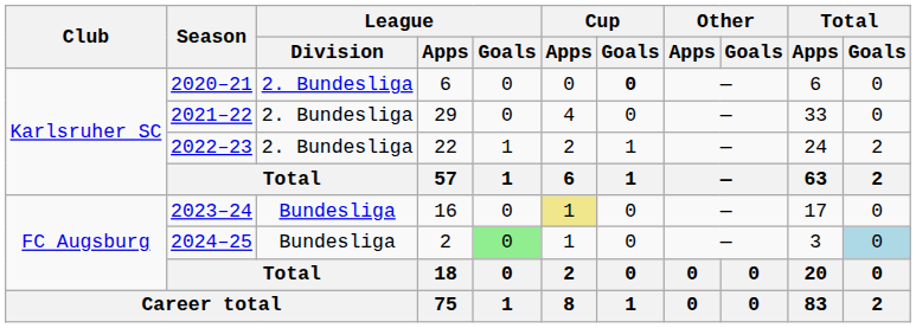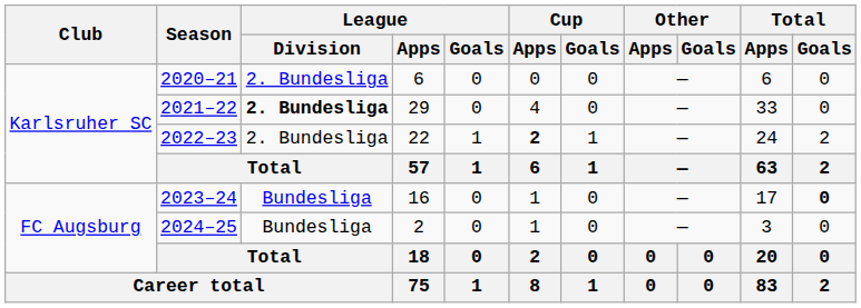 <table class="wikitable" style="text-align:center">
 <tr>
 <th rowspan="2">Club</th>
 <th rowspan="2">Season</th>
 <th colspan="3">League</th>
 <th colspan="2">Cup</th>
 <th colspan="2">Other</th>
 <th colspan="2">Total</th>
 </tr>
 <tr>
 <th>Division</th>
 <th>Apps</th>
 <th>Goals</th>
 <th>Apps</th>
 <th>Goals</th>
 <th>Apps</th>
 <th>Goals</th>
 <th>Apps</th>
 <th>Goals</th>
 </tr>
 <tr>
 <td rowspan="4"><a href='#'>Karlsruher SC</a></td>
 <td><a href='#'>2020–21</a></td>
 <td><a href='#'>2. Bundesliga</a></td>
 <td>6</td>
 <td>0</td>
 <td>0</td>
-<td><strong>0</strong></td>
+<td>0</td>
 <td colspan="2">—</td>
 <td>6</td>
 <td>0</td>
 </tr>
 <tr>
 <td><a href='#'>2021–22</a></td>
-<td>2. Bundesliga</td>
+<td><strong>2. Bundesliga</strong></td>
 <td>29</td>
 <td>0</td>
 <td>4</td>
 <td>0</td>
 <td colspan="2">—</td>
 <td>33</td>
 <td>0</td>
 </tr>
 <tr>
 <td><a href='#'>2022–23</a></td>
 <td>2. Bundesliga</td>
 <td>22</td>
 <td>1</td>
-<td>2</td>
+<td><strong>2</strong></td>
 <td>1</td>
 <td colspan="2">—</td>
 <td>24</td>
 <td>2</td>
 </tr>
 <tr>
 <th colspan="2">Total</th>
 <th>57</th>
 <th>1</th>
 <th>6</th>
 <th>1</th>
 <th colspan="2">—</th>
 <th>63</th>
 <th>2</th>
 </tr>
 <tr>
 <td rowspan="3"><a href='#'>FC Augsburg</a></td>
 <td><a href='#'>2023–24</a></td>
 <td><a href='#'>Bundesliga</a></td>
 <td>16</td>
 <td>0</td>
-<td style="background: khaki;">1</td>
+<td>1</td>
 <td>0</td>
 <td colspan="2">—</td>
 <td>17</td>
-<td>0</td>
+<td><strong>0</strong></td>
 </tr>
 <tr>
 <td><a href='#'>2024–25</a></td>
 <td>Bundesliga</td>
 <td>2</td>
-<td style="background: lightgreen;">0</td>
+<td>0</td>
 <td>1</td>
 <td>0</td>
 <td colspan="2">—</td>
 <td>3</td>
-<td style="background: lightblue;">0</td>
+<td>0</td>
 </tr>
 <tr>
 <th colspan="2">Total</th>
 <th>18</th>
 <th>0</th>
 <th>2</th>
 <th>0</th>
 <th>0</th>
 <th>0</th>
 <th>20</th>
 <th>0</th>
 </tr>
 <tr>
 <th colspan="3">Career total</th>
 <th>75</th>
 <th>1</th>
 <th>8</th>
 <th>1</th>
 <th>0</th>
 <th>0</th>
 <th>83</th>
 <th>2</th>
 </tr>
 </table>
